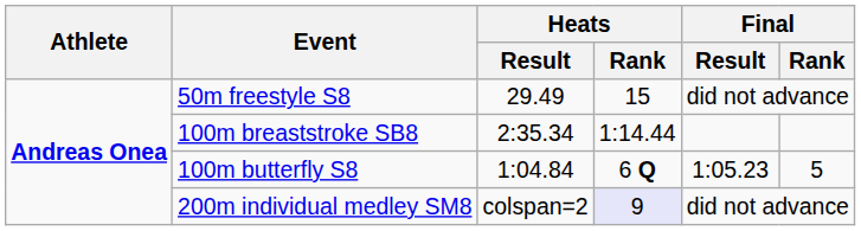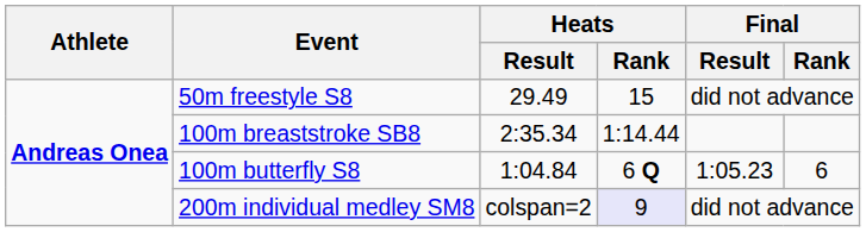 <table class=wikitable style="font-size:90%">
 <tr>
 <th rowspan="2">Athlete</th>
 <th rowspan="2">Event</th>
 <th colspan="2">Heats</th>
 <th colspan="2">Final</th>
 </tr>
 <tr>
 <th>Result</th>
 <th>Rank</th>
 <th>Result</th>
 <th>Rank</th>
 </tr>
 <tr align=center>
 <td align=left rowspan=4><strong><a href='#'>Andreas Onea</a></strong></td>
 <td align=left><a href='#'>50m freestyle S8</a></td>
 <td>29.49</td>
 <td>15</td>
 <td colspan=2>did not advance</td>
 </tr>
 <tr align=center>
 <td align=left><a href='#'>100m breaststroke SB8</a></td>
 <td>2:35.34</td>
 <td>1:14.44</td>
 <td></td>
 </tr>
 <tr align=center>
 <td align=left><a href='#'>100m butterfly S8</a></td>
 <td>1:04.84</td>
 <td>6 <strong>Q</strong></td>
 <td>1:05.23</td>
-<td>5</td>
+<td>6</td>
 </tr>
 <tr align=center>
 <td align=left><a href='#'>200m individual medley SM8</a></td>
 <td>colspan=2</td>
 <td style="background: lavender;">9</td>
 <td colspan=2>did not advance</td>
 </tr>
 </table>
